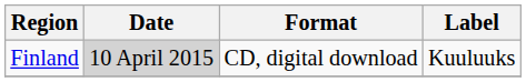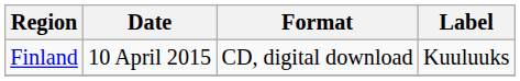 <table class=wikitable>
 <tr>
 <th>Region</th>
 <th>Date</th>
 <th>Format</th>
 <th>Label</th>
 </tr>
 <tr>
 <td><a href='#'>Finland</a></td>
-<td style="background: lightgrey;">10 April 2015</td>
+<td>10 April 2015</td>
 <td>CD, digital download</td>
 <td>Kuuluuks</td>
 </tr>
 <tr>
 </tr>
 </table>
